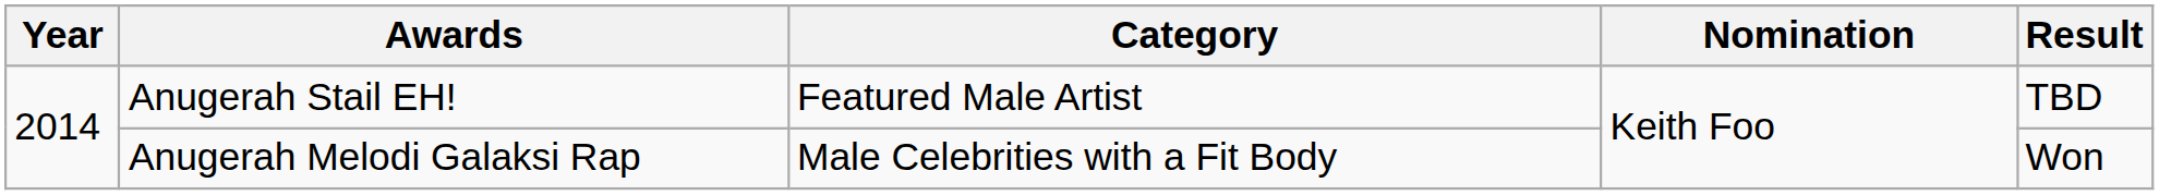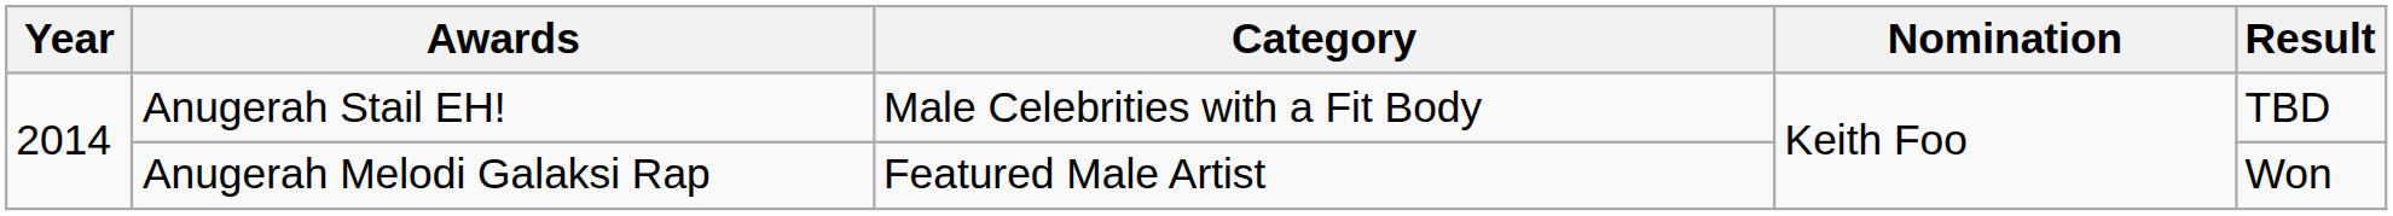 <table class="wikitable">
 <tr>
 <th width="40">Year</th>
 <th width="270">Awards</th>
 <th width="330">Category</th>
 <th width="165">Nomination</th>
 <th>Result</th>
 </tr>
 <tr>
 <td rowspan="2">2014</td>
 <td>Anugerah Stail EH!</td>
-<td>Featured Male Artist</td>
+<td>Male Celebrities with a Fit Body</td>
 <td rowspan="2">Keith Foo</td>
 <td>TBD</td>
 </tr>
 <tr>
 <td>Anugerah Melodi Galaksi Rap</td>
-<td>Male Celebrities with a Fit Body</td>
+<td>Featured Male Artist</td>
 <td>Won</td>
 </tr>
 </table>
